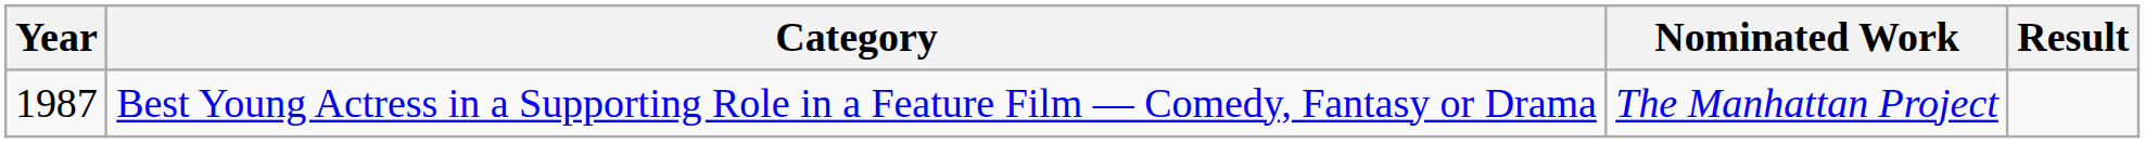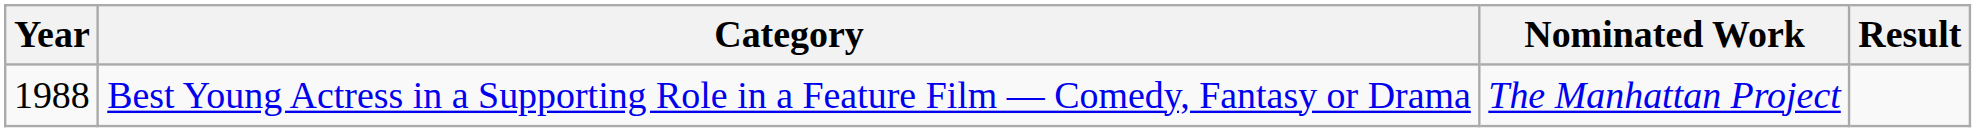 <table class="wikitable">
 <tr>
 <th>Year</th>
 <th>Category</th>
 <th>Nominated Work</th>
 <th>Result</th>
 </tr>
 <tr>
-<td>1987</td>
+<td>1988</td>
 <td><a href='#'>Best Young Actress in a Supporting Role in a Feature Film — Comedy, Fantasy or Drama</a></td>
 <td><em><a href='#'>The Manhattan Project</a></em></td>
 <td></td>
 </tr>
 </table>
